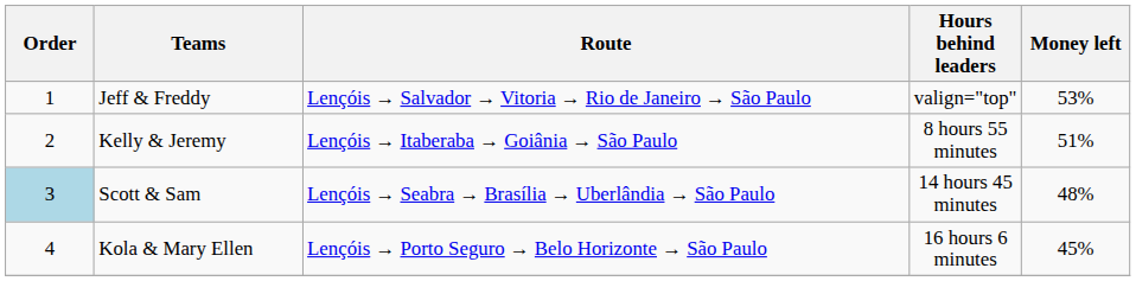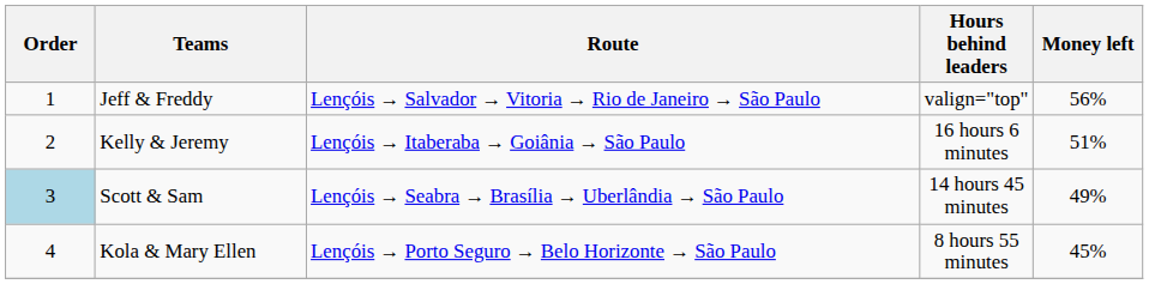 <table class="wikitable sortable" style="text-align:center">
 <tr>
 <th style="width:4em">Order</th>
 <th style="width:10em">Teams</th>
 <th style="width:30em">Route</th>
 <th style="width:5em">Hours behind leaders</th>
 <th style="width:5em">Money left</th>
 </tr>
 <tr>
 <td>1</td>
 <td style="text-align:left">Jeff & Freddy</td>
 <td style="text-align:left"><a href='#'>Lençóis</a>  → <a href='#'>Salvador</a>  → <a href='#'>Vitoria</a>  → <a href='#'>Rio de Janeiro</a>   → <a href='#'>São Paulo</a></td>
 <td>valign="top" </td>
-<td>53%</td>
+<td>56%</td>
 </tr>
 <tr>
 <td>2</td>
 <td style="text-align:left">Kelly & Jeremy</td>
 <td style="text-align:left"><a href='#'>Lençóis</a>  → <a href='#'>Itaberaba</a>  → <a href='#'>Goiânia</a>  → <a href='#'>São Paulo</a></td>
-<td>8 hours 55 minutes</td>
+<td>16 hours 6 minutes</td>
 <td>51%</td>
 </tr>
 <tr>
 <td style="background: lightblue;">3</td>
 <td style="text-align:left">Scott & Sam</td>
 <td style="text-align:left"><a href='#'>Lençóis</a>  → <a href='#'>Seabra</a>  → <a href='#'>Brasília</a>  → <a href='#'>Uberlândia</a>  → <a href='#'>São Paulo</a></td>
 <td>14 hours 45 minutes</td>
-<td>48%</td>
+<td>49%</td>
 </tr>
 <tr>
 <td>4</td>
 <td style="text-align:left">Kola & Mary Ellen</td>
 <td style="text-align:left"><a href='#'>Lençóis</a>  → <a href='#'>Porto Seguro</a>  → <a href='#'>Belo Horizonte</a>  → <a href='#'>São Paulo</a></td>
-<td>16 hours 6 minutes</td>
+<td>8 hours 55 minutes</td>
 <td>45%</td>
 </tr>
 <tr>
 </tr>
 </table>
